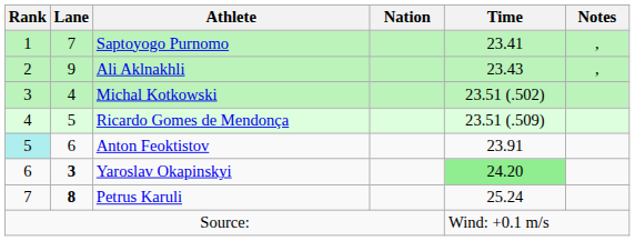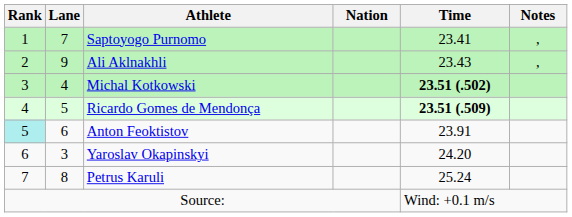 <table class="wikitable sortable" style="text-align:center;width: 70%;">
 <tr>
 <th scope="col" style="width: 10px;">Rank</th>
 <th scope="col" style="width: 10px;">Lane</th>
 <th scope="col">Athlete</th>
 <th scope="col">Nation</th>
 <th scope="col">Time</th>
 <th scope="col">Notes</th>
 </tr>
 <tr bgcolor=bbf3bb>
 <td>1</td>
 <td>7</td>
 <td align=left><a href='#'>Saptoyogo Purnomo</a></td>
 <td align=left></td>
 <td>23.41</td>
 <td>, </td>
 </tr>
 <tr bgcolor=bbf3bb>
 <td>2</td>
 <td>9</td>
 <td align=left><a href='#'>Ali Aklnakhli</a></td>
 <td align=left></td>
 <td>23.43</td>
 <td>, </td>
 </tr>
 <tr bgcolor=bbf3bb>
 <td>3</td>
 <td>4</td>
 <td align=left><a href='#'>Michal Kotkowski</a></td>
 <td align=left></td>
-<td>23.51 (.502)</td>
+<td><strong>23.51 (.502)</strong></td>
 <td></td>
 </tr>
 <tr bgcolor=ddffdd>
 <td>4</td>
 <td>5</td>
 <td align=left><a href='#'>Ricardo Gomes de Mendonça</a></td>
 <td align=left></td>
-<td>23.51 (.509)</td>
+<td><strong>23.51 (.509)</strong></td>
 <td></td>
 </tr>
 <tr>
 <td style="background: paleturquoise;">5</td>
 <td>6</td>
 <td align=left><a href='#'>Anton Feoktistov</a></td>
 <td align=left></td>
 <td>23.91</td>
 <td></td>
 </tr>
 <tr>
 <td>6</td>
-<td><strong>3</strong></td>
+<td>3</td>
 <td align=left><a href='#'>Yaroslav Okapinskyi</a></td>
 <td align=left></td>
-<td style="background: lightgreen;">24.20</td>
+<td>24.20</td>
 <td></td>
 </tr>
 <tr>
 <td>7</td>
-<td><strong>8</strong></td>
+<td>8</td>
 <td align=left><a href='#'>Petrus Karuli</a></td>
 <td align=left></td>
 <td>25.24</td>
 <td></td>
 </tr>
 <tr class="sortbottom">
 <td colspan="4">Source:</td>
 <td colspan="2" style="text-align:left;">Wind: +0.1 m/s</td>
 </tr>
 </table>
